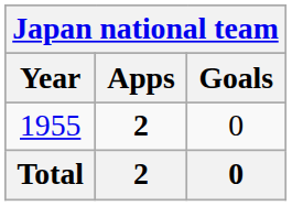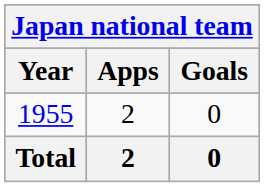 <table class="wikitable" style="text-align:center">
 <tr>
 <th colspan=3><a href='#'>Japan national team</a></th>
 </tr>
 <tr>
 <th>Year</th>
 <th>Apps</th>
 <th>Goals</th>
 </tr>
 <tr>
 <td><a href='#'>1955</a></td>
-<td><strong>2</strong></td>
+<td>2</td>
 <td>0</td>
 </tr>
 <tr>
 <th>Total</th>
 <th>2</th>
 <th>0</th>
 </tr>
 </table>
